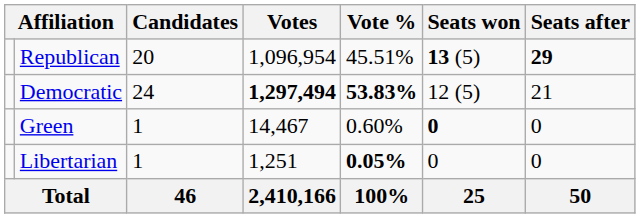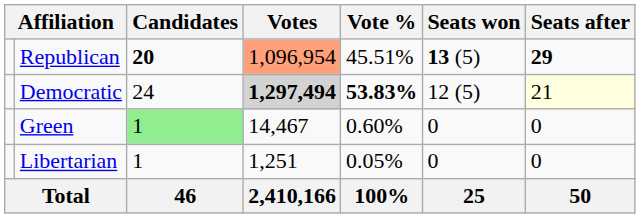 <table class="wikitable">
 <tr>
 <th colspan="2">Affiliation</th>
 <th>Candidates</th>
 <th>Votes</th>
 <th>Vote %</th>
 <th>Seats won</th>
 <th>Seats after</th>
 </tr>
 <tr>
 <td style="background-color:"></td>
 <td><a href='#'>Republican</a></td>
-<td>20</td>
-<td>1,096,954</td>
+<td><strong>20</strong></td>
+<td style="background: lightsalmon;">1,096,954</td>
 <td>45.51%</td>
 <td><strong>13</strong> (5)</td>
 <td><strong>29</strong></td>
 </tr>
 <tr>
 <td style="background-color:"></td>
 <td><a href='#'>Democratic</a></td>
 <td>24</td>
-<td><strong>1,297,494</strong></td>
+<td style="background: lightgrey;"><strong>1,297,494</strong></td>
 <td><strong>53.83%</strong></td>
 <td>12 (5)</td>
-<td>21</td>
+<td style="background: lightyellow;">21</td>
 </tr>
 <tr>
 <td style="background-color:"></td>
 <td><a href='#'>Green</a></td>
-<td>1</td>
+<td style="background: lightgreen;">1</td>
 <td>14,467</td>
 <td>0.60%</td>
-<td><strong>0</strong></td>
+<td>0</td>
 <td>0</td>
 </tr>
 <tr>
 <td style="background-color:"></td>
 <td><a href='#'>Libertarian</a></td>
 <td>1</td>
 <td>1,251</td>
-<td><strong>0.05%</strong></td>
+<td>0.05%</td>
 <td>0</td>
 <td>0</td>
 </tr>
 <tr>
 <th colspan="2">Total</th>
 <th>46</th>
 <th>2,410,166</th>
 <th>100%</th>
 <th>25</th>
 <th>50</th>
 </tr>
 </table>
